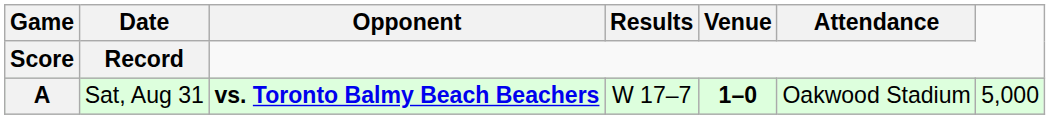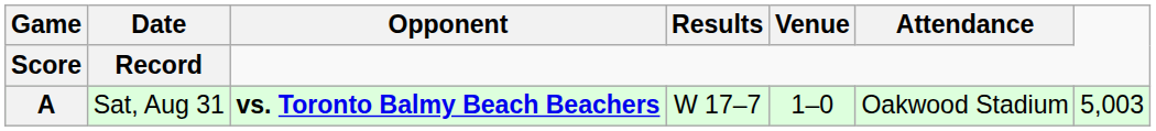 <table class="wikitable" style="text-align:center">
 <tr>
 <th>Game</th>
 <th>Date</th>
 <th>Opponent</th>
 <th>Results</th>
 <th>Venue</th>
 <th>Attendance</th>
 </tr>
 <tr>
 <th>Score</th>
 <th>Record</th>
 </tr>
 <tr style="background:#ddffdd">
 <th>A</th>
 <td>Sat, Aug 31</td>
 <td><strong>vs. <a href='#'>Toronto Balmy Beach Beachers</a></strong></td>
 <td>W 17–7</td>
-<td><strong>1–0</strong></td>
+<td>1–0</td>
 <td>Oakwood Stadium</td>
-<td>5,000</td>
+<td>5,003</td>
 </tr>
 </table>
